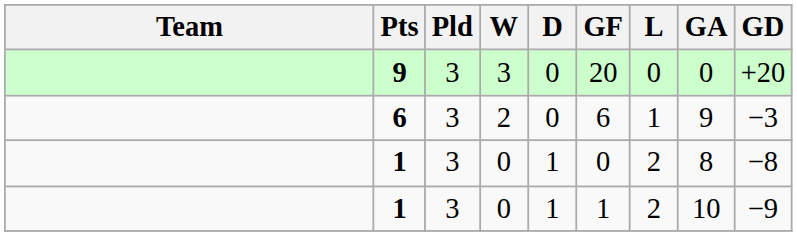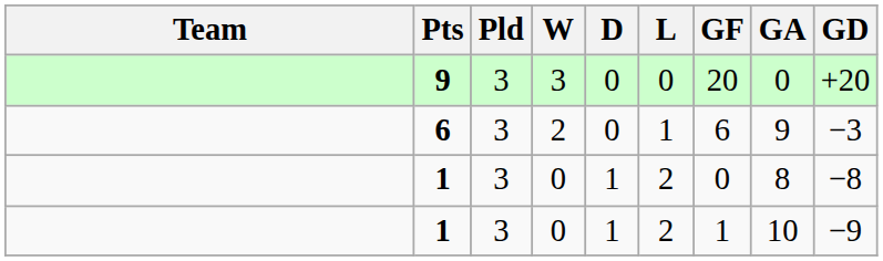 <table class=wikitable style="text-align:center">
 <tr>
 <th width=200>Team</th>
 <th width=20>Pts</th>
 <th width=20>Pld</th>
 <th width=20>W</th>
 <th width=20>D</th>
+<th width=20>L</th>
 <th width=20>GF</th>
-<th width=20>L</th>
 <th width=20>GA</th>
 <th width=20>GD</th>
 </tr>
 <tr style="background:#cfc;">
 <td align="left"></td>
 <td><strong>9</strong></td>
 <td>3</td>
 <td>3</td>
 <td>0</td>
+<td>0</td>
 <td>20</td>
-<td>0</td>
 <td>0</td>
 <td>+20</td>
 </tr>
 <tr>
 <td align="left"></td>
 <td><strong>6</strong></td>
 <td>3</td>
 <td>2</td>
 <td>0</td>
+<td>1</td>
 <td>6</td>
-<td>1</td>
 <td>9</td>
 <td>−3</td>
 </tr>
 <tr>
 <td align="left"></td>
 <td><strong>1</strong></td>
 <td>3</td>
 <td>0</td>
 <td>1</td>
+<td>2</td>
 <td>0</td>
-<td>2</td>
 <td>8</td>
 <td>−8</td>
 </tr>
 <tr>
 <td align="left"></td>
 <td><strong>1</strong></td>
 <td>3</td>
 <td>0</td>
 <td>1</td>
+<td>2</td>
 <td>1</td>
-<td>2</td>
 <td>10</td>
 <td>−9</td>
 </tr>
 </table>
